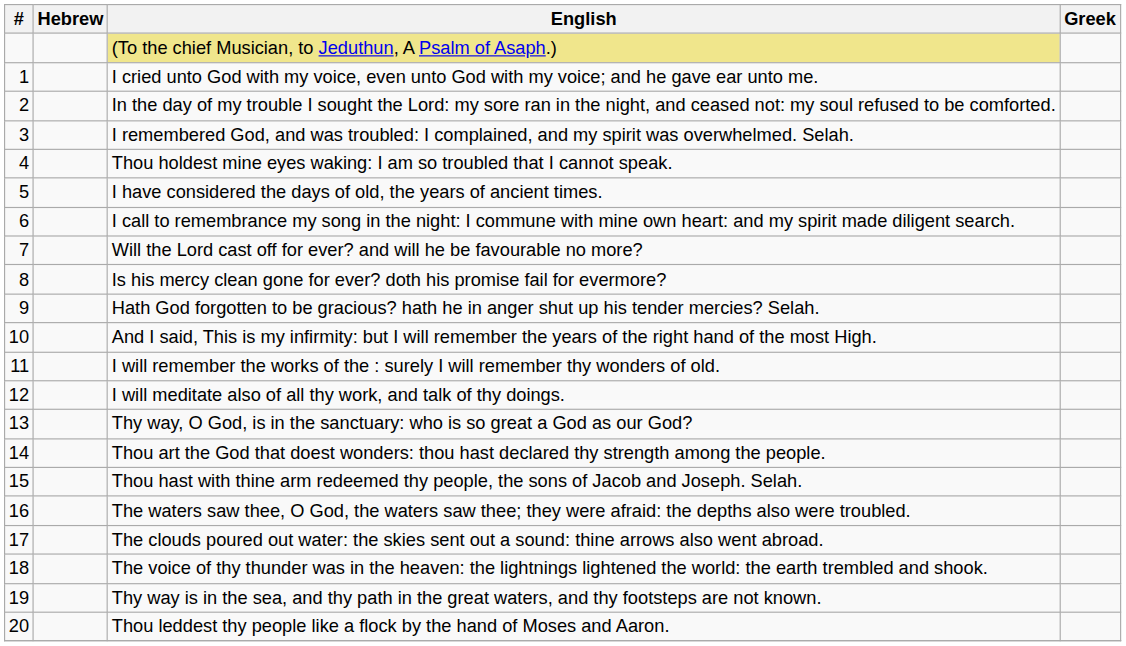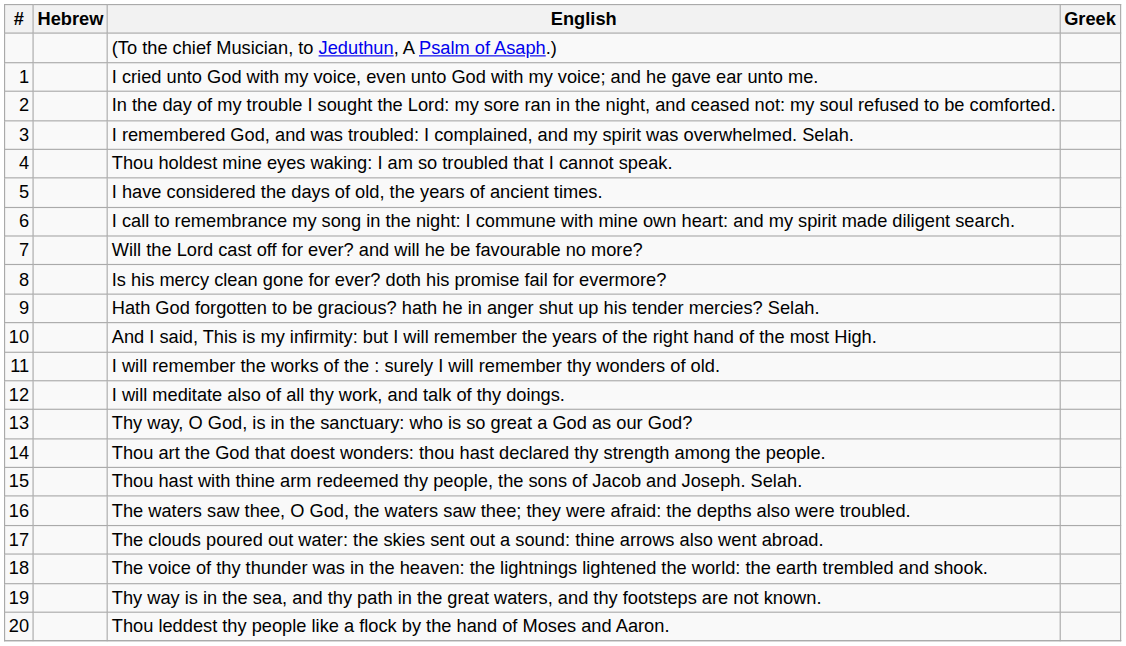 <table class=wikitable>
 <tr>
 <th>#</th>
 <th>Hebrew</th>
 <th>English</th>
 <th>Greek</th>
 </tr>
 <tr>
 <td style="text-align:right"></td>
 <td style="text-align:right"></td>
-<td style="background: khaki;">(To the chief Musician, to <a href='#'>Jeduthun</a>, A <a href='#'>Psalm of Asaph</a>.)</td>
+<td>(To the chief Musician, to <a href='#'>Jeduthun</a>, A <a href='#'>Psalm of Asaph</a>.)</td>
 <td></td>
 </tr>
 <tr>
 <td style="text-align:right">1</td>
 <td style="text-align:right"></td>
 <td>I cried unto God with my voice, even unto God with my voice; and he gave ear unto me.</td>
 <td></td>
 </tr>
 <tr>
 <td style="text-align:right">2</td>
 <td style="text-align:right"></td>
 <td>In the day of my trouble I sought the Lord: my sore ran in the night, and ceased not: my soul refused to be comforted.</td>
 <td></td>
 </tr>
 <tr>
 <td style="text-align:right">3</td>
 <td style="text-align:right"></td>
 <td>I remembered God, and was troubled: I complained, and my spirit was overwhelmed. Selah.</td>
 <td></td>
 </tr>
 <tr>
 <td style="text-align:right">4</td>
 <td style="text-align:right"></td>
 <td>Thou holdest mine eyes waking: I am so troubled that I cannot speak.</td>
 <td></td>
 </tr>
 <tr>
 <td style="text-align:right">5</td>
 <td style="text-align:right"></td>
 <td>I have considered the days of old, the years of ancient times.</td>
 <td></td>
 </tr>
 <tr>
 <td style="text-align:right">6</td>
 <td style="text-align:right"></td>
 <td>I call to remembrance my song in the night: I commune with mine own heart: and my spirit made diligent search.</td>
 <td></td>
 </tr>
 <tr>
 <td style="text-align:right">7</td>
 <td style="text-align:right"></td>
 <td>Will the Lord cast off for ever? and will he be favourable no more?</td>
 <td></td>
 </tr>
 <tr>
 <td style="text-align:right">8</td>
 <td style="text-align:right"></td>
 <td>Is his mercy clean gone for ever? doth his promise fail for evermore?</td>
 <td></td>
 </tr>
 <tr>
 <td style="text-align:right">9</td>
 <td style="text-align:right"></td>
 <td>Hath God forgotten to be gracious? hath he in anger shut up his tender mercies? Selah.</td>
 <td></td>
 </tr>
 <tr>
 <td style="text-align:right">10</td>
 <td style="text-align:right"></td>
 <td>And I said, This is my infirmity: but I will remember the years of the right hand of the most High.</td>
 <td></td>
 </tr>
 <tr>
 <td style="text-align:right">11</td>
 <td style="text-align:right"></td>
 <td>I will remember the works of the : surely I will remember thy wonders of old.</td>
 <td></td>
 </tr>
 <tr>
 <td style="text-align:right">12</td>
 <td style="text-align:right"></td>
 <td>I will meditate also of all thy work, and talk of thy doings.</td>
 <td></td>
 </tr>
 <tr>
 <td style="text-align:right">13</td>
 <td style="text-align:right"></td>
 <td>Thy way, O God, is in the sanctuary: who is so great a God as our God?</td>
 <td></td>
 </tr>
 <tr>
 <td style="text-align:right">14</td>
 <td style="text-align:right"></td>
 <td>Thou art the God that doest wonders: thou hast declared thy strength among the people.</td>
 <td></td>
 </tr>
 <tr>
 <td style="text-align:right">15</td>
 <td style="text-align:right"></td>
 <td>Thou hast with thine arm redeemed thy people, the sons of Jacob and Joseph. Selah.</td>
 <td></td>
 </tr>
 <tr>
 <td style="text-align:right">16</td>
 <td style="text-align:right"></td>
 <td>The waters saw thee, O God, the waters saw thee; they were afraid: the depths also were troubled.</td>
 <td></td>
 </tr>
 <tr>
 <td style="text-align:right">17</td>
 <td style="text-align:right"></td>
 <td>The clouds poured out water: the skies sent out a sound: thine arrows also went abroad.</td>
 <td></td>
 </tr>
 <tr>
 <td style="text-align:right">18</td>
 <td style="text-align:right"></td>
 <td>The voice of thy thunder was in the heaven: the lightnings lightened the world: the earth trembled and shook.</td>
 <td></td>
 </tr>
 <tr>
 <td style="text-align:right">19</td>
 <td style="text-align:right"></td>
 <td>Thy way is in the sea, and thy path in the great waters, and thy footsteps are not known.</td>
 <td></td>
 </tr>
 <tr>
 <td style="text-align:right">20</td>
 <td style="text-align:right"></td>
 <td>Thou leddest thy people like a flock by the hand of Moses and Aaron.</td>
 <td></td>
 </tr>
 <tr>
 </tr>
 </table>
